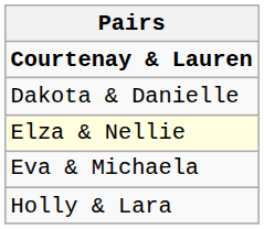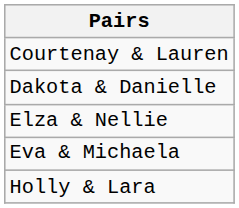 <table class="wikitable">
 <tr>
 <th>Pairs</th>
 </tr>
 <tr>
-<td><strong>Courtenay & Lauren</strong></td>
+<td>Courtenay & Lauren</td>
 </tr>
 <tr>
 <td>Dakota & Danielle</td>
 </tr>
 <tr>
-<td style="background: lightyellow;">Elza & Nellie</td>
+<td>Elza & Nellie</td>
 </tr>
 <tr>
 <td>Eva & Michaela</td>
 </tr>
 <tr>
 <td>Holly & Lara</td>
 </tr>
 </table>
